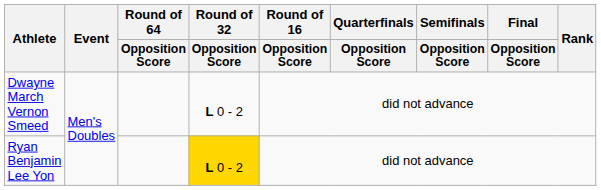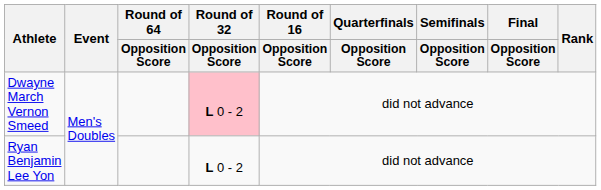 <table class=wikitable style="font-size:90%">
 <tr>
 <th rowspan="2">Athlete</th>
 <th rowspan="2">Event</th>
 <th>Round of 64</th>
 <th>Round of 32</th>
 <th>Round of 16</th>
 <th>Quarterfinals</th>
 <th>Semifinals</th>
 <th>Final</th>
 <th rowspan=2>Rank</th>
 </tr>
 <tr style="font-size:95%">
 <th>Opposition<br>Score</th>
 <th>Opposition<br>Score</th>
 <th>Opposition<br>Score</th>
 <th>Opposition<br>Score</th>
 <th>Opposition<br>Score</th>
 <th>Opposition<br>Score</th>
 </tr>
 <tr align=center>
 <td align=left><a href='#'>Dwayne March</a><br><a href='#'>Vernon Smeed</a></td>
 <td align=left rowspan=2><a href='#'>Men's Doubles</a></td>
 <td></td>
-<td><br><strong>L</strong> 0 - 2</td>
+<td style="background: pink;"><br><strong>L</strong> 0 - 2</td>
 <td colspan=5>did not advance</td>
 </tr>
 <tr align=center>
 <td align=left><a href='#'>Ryan Benjamin</a><br><a href='#'>Lee Yon</a></td>
 <td></td>
-<td style="background: gold;"><br><strong>L</strong> 0 - 2</td>
+<td><br><strong>L</strong> 0 - 2</td>
 <td colspan=5>did not advance</td>
 </tr>
 </table>
